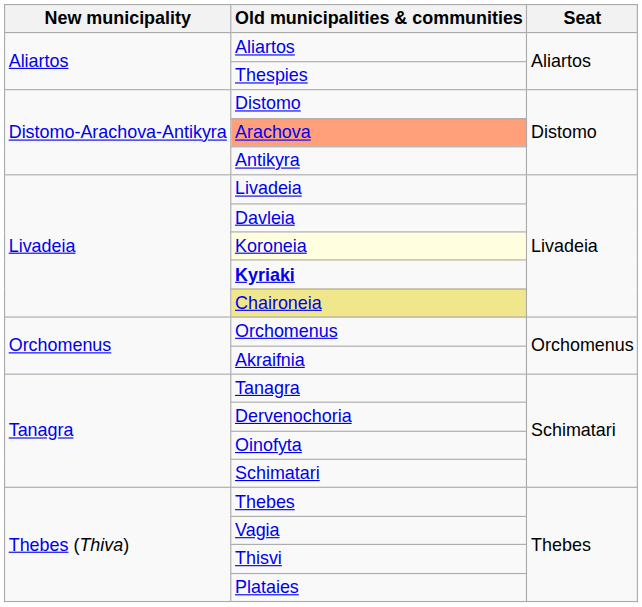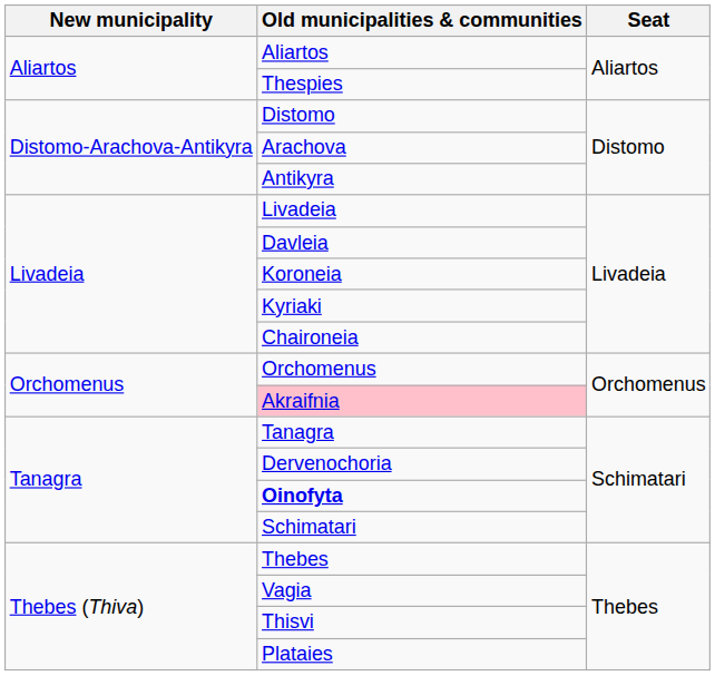 <table class="wikitable">
 <tr>
 <th>New municipality</th>
 <th>Old municipalities & communities</th>
 <th>Seat</th>
 </tr>
 <tr>
 <td rowspan=2><a href='#'>Aliartos</a></td>
 <td><a href='#'>Aliartos</a></td>
 <td rowspan=2>Aliartos</td>
 </tr>
 <tr>
 <td><a href='#'>Thespies</a></td>
 </tr>
 <tr>
 <td rowspan=3><a href='#'>Distomo-Arachova-Antikyra</a></td>
 <td><a href='#'>Distomo</a></td>
 <td rowspan=3>Distomo</td>
 </tr>
 <tr>
-<td style="background: lightsalmon;"><a href='#'>Arachova</a></td>
+<td><a href='#'>Arachova</a></td>
 </tr>
 <tr>
 <td><a href='#'>Antikyra</a></td>
 </tr>
 <tr>
 <td rowspan=5><a href='#'>Livadeia</a></td>
 <td><a href='#'>Livadeia</a></td>
 <td rowspan=5>Livadeia</td>
 </tr>
 <tr>
 <td><a href='#'>Davleia</a></td>
 </tr>
 <tr>
-<td style="background: lightyellow;"><a href='#'>Koroneia</a></td>
+<td><a href='#'>Koroneia</a></td>
 </tr>
 <tr>
-<td><strong><a href='#'>Kyriaki</a></strong></td>
+<td><a href='#'>Kyriaki</a></td>
 </tr>
 <tr>
-<td style="background: khaki;"><a href='#'>Chaironeia</a></td>
+<td><a href='#'>Chaironeia</a></td>
 </tr>
 <tr>
 <td rowspan=2><a href='#'>Orchomenus</a></td>
 <td><a href='#'>Orchomenus</a></td>
 <td rowspan=2>Orchomenus</td>
 </tr>
 <tr>
-<td><a href='#'>Akraifnia</a></td>
+<td style="background: pink;"><a href='#'>Akraifnia</a></td>
 </tr>
 <tr>
 <td rowspan=4><a href='#'>Tanagra</a></td>
 <td><a href='#'>Tanagra</a></td>
 <td rowspan=4>Schimatari</td>
 </tr>
 <tr>
 <td><a href='#'>Dervenochoria</a></td>
 </tr>
 <tr>
-<td><a href='#'>Oinofyta</a></td>
+<td><strong><a href='#'>Oinofyta</a></strong></td>
 </tr>
 <tr>
 <td><a href='#'>Schimatari</a></td>
 </tr>
 <tr>
 <td rowspan=4><a href='#'>Thebes</a> (<em>Thiva</em>)</td>
 <td><a href='#'>Thebes</a></td>
 <td rowspan=4>Thebes</td>
 </tr>
 <tr>
 <td><a href='#'>Vagia</a></td>
 </tr>
 <tr>
 <td><a href='#'>Thisvi</a></td>
 </tr>
 <tr>
 <td><a href='#'>Plataies</a></td>
 </tr>
 </table>
